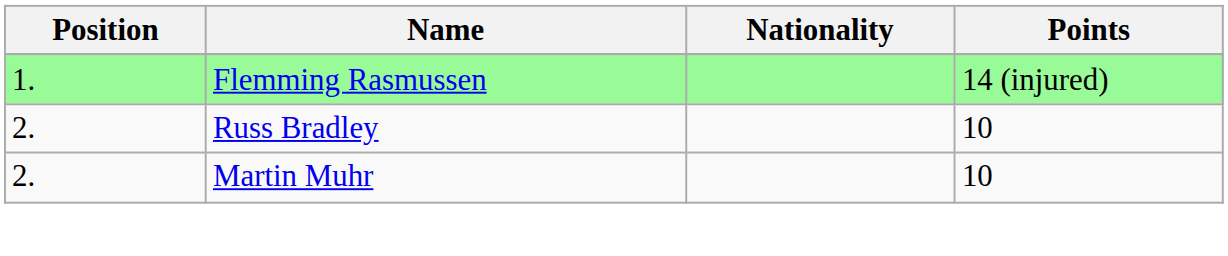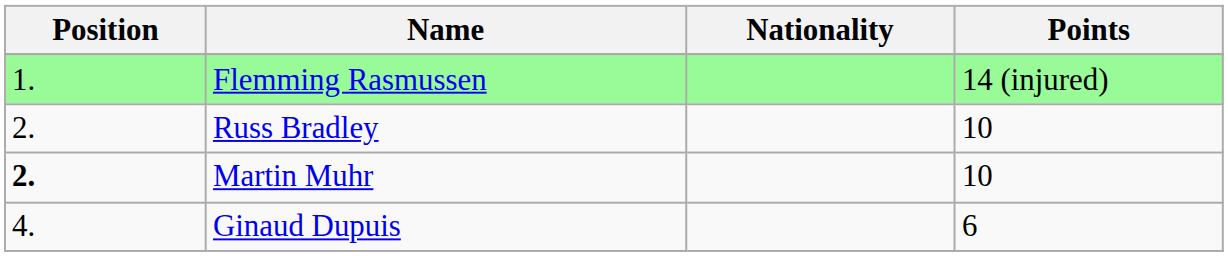 <table class="wikitable" style="display: inline-table; width: 50%;">
 <tr>
 <th>Position</th>
 <th>Name</th>
 <th>Nationality</th>
 <th>Points</th>
 </tr>
 <tr>
 </tr>
 <tr bgcolor=palegreen>
 <td>1.</td>
 <td><a href='#'>Flemming Rasmussen</a></td>
 <td></td>
 <td>14 (injured)</td>
 </tr>
 <tr>
 <td>2.</td>
 <td><a href='#'>Russ Bradley</a></td>
 <td></td>
 <td>10</td>
 </tr>
 <tr>
-<td>2.</td>
+<td><strong>2.</strong></td>
 <td><a href='#'>Martin Muhr</a></td>
 <td></td>
 <td>10</td>
 </tr>
+<tr>
+<td>4.</td>
+<td><a href='#'>Ginaud Dupuis</a></td>
+<td></td>
+<td>6</td>
+</tr>
 </table>
